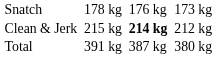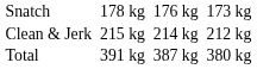 <table>
 <tr>
 <td>Snatch</td>
 <td></td>
 <td>178 kg</td>
 <td></td>
 <td>176 kg</td>
 <td></td>
 <td>173 kg</td>
 </tr>
 <tr>
 <td>Clean & Jerk</td>
 <td></td>
 <td>215 kg</td>
 <td></td>
-<td><strong>214 kg</strong></td>
+<td>214 kg</td>
 <td></td>
 <td>212 kg</td>
 </tr>
 <tr>
 <td>Total</td>
 <td></td>
 <td>391 kg</td>
 <td></td>
 <td>387 kg</td>
 <td></td>
 <td>380 kg</td>
 </tr>
 </table>
